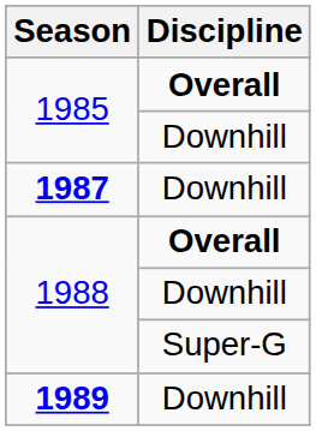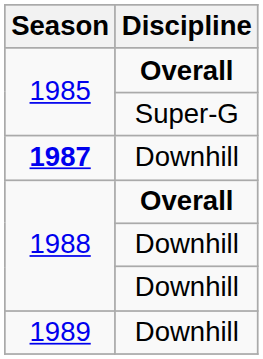 <table class="wikitable" style="text-align:center;">
 <tr>
 <th>Season</th>
 <th>Discipline</th>
 </tr>
 <tr>
 <td rowspan=2><a href='#'>1985</a></td>
 <td><strong>Overall</strong></td>
 </tr>
 <tr>
-<td>Downhill</td>
+<td>Super-G</td>
 </tr>
 <tr>
 <td><strong><a href='#'>1987</a></strong></td>
 <td>Downhill</td>
 </tr>
 <tr>
 <td rowspan=3><a href='#'>1988</a></td>
 <td><strong>Overall</strong></td>
 </tr>
 <tr>
 <td>Downhill</td>
 </tr>
 <tr>
-<td>Super-G</td>
+<td>Downhill</td>
 </tr>
 <tr>
-<td><strong><a href='#'>1989</a></strong></td>
+<td><a href='#'>1989</a></td>
 <td>Downhill</td>
 </tr>
 </table>
